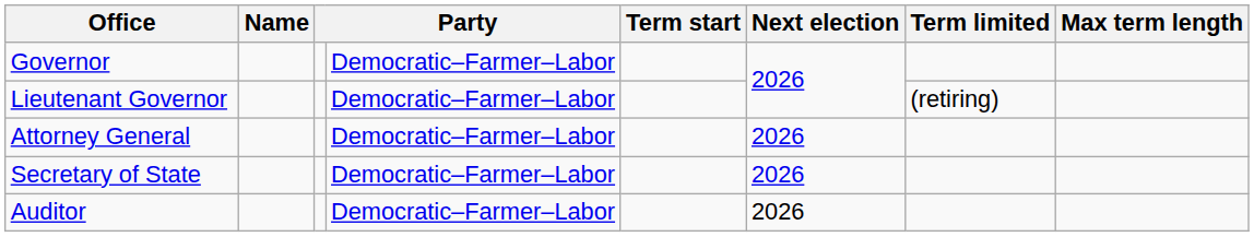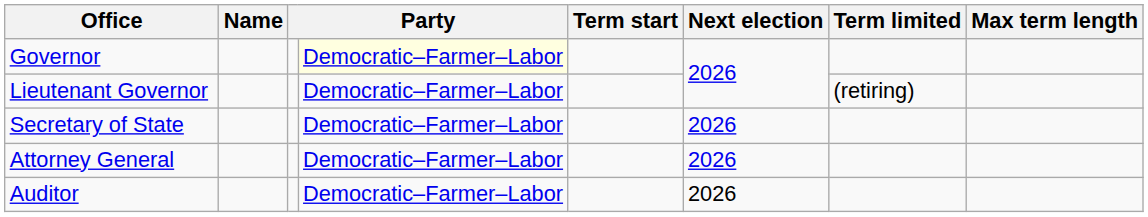 <table class="sortable wikitable">
 <tr>
 <th width=150>Office</th>
 <th scope="col">Name</th>
 <th colspan=2 width=170>Party</th>
 <th scope="col">Term start</th>
 <th scope="col">Next election</th>
 <th scope="col">Term limited</th>
 <th scope="col">Max term length</th>
 </tr>
 <tr>
 <td><a href='#'>Governor</a></td>
 <td></td>
 <td style="background-color:"></td>
-<td><a href='#'>Democratic–Farmer–Labor</a></td>
+<td style="background: lightyellow;"><a href='#'>Democratic–Farmer–Labor</a></td>
 <td></td>
 <td rowspan=2><a href='#'>2026</a></td>
 <td></td>
 <td></td>
 </tr>
 <tr>
 <td><a href='#'>Lieutenant Governor</a></td>
 <td></td>
 <td style="background-color:"></td>
 <td><a href='#'>Democratic–Farmer–Labor</a></td>
 <td></td>
 <td> (retiring)</td>
 <td></td>
 </tr>
 <tr>
-<td><a href='#'>Attorney General</a></td>
+<td><a href='#'>Secretary of State</a></td>
 <td></td>
 <td style="background-color:"></td>
 <td><a href='#'>Democratic–Farmer–Labor</a></td>
 <td></td>
 <td><a href='#'>2026</a></td>
 <td></td>
 <td></td>
 </tr>
 <tr>
-<td><a href='#'>Secretary of State</a></td>
+<td><a href='#'>Attorney General</a></td>
 <td></td>
 <td style="background-color:"></td>
 <td><a href='#'>Democratic–Farmer–Labor</a></td>
 <td></td>
 <td><a href='#'>2026</a></td>
 <td></td>
 <td></td>
 </tr>
 <tr>
 <td><a href='#'>Auditor</a></td>
 <td></td>
 <td style="background-color:"></td>
 <td><a href='#'>Democratic–Farmer–Labor</a></td>
 <td></td>
 <td>2026</td>
 <td></td>
 <td></td>
 </tr>
 </table>
